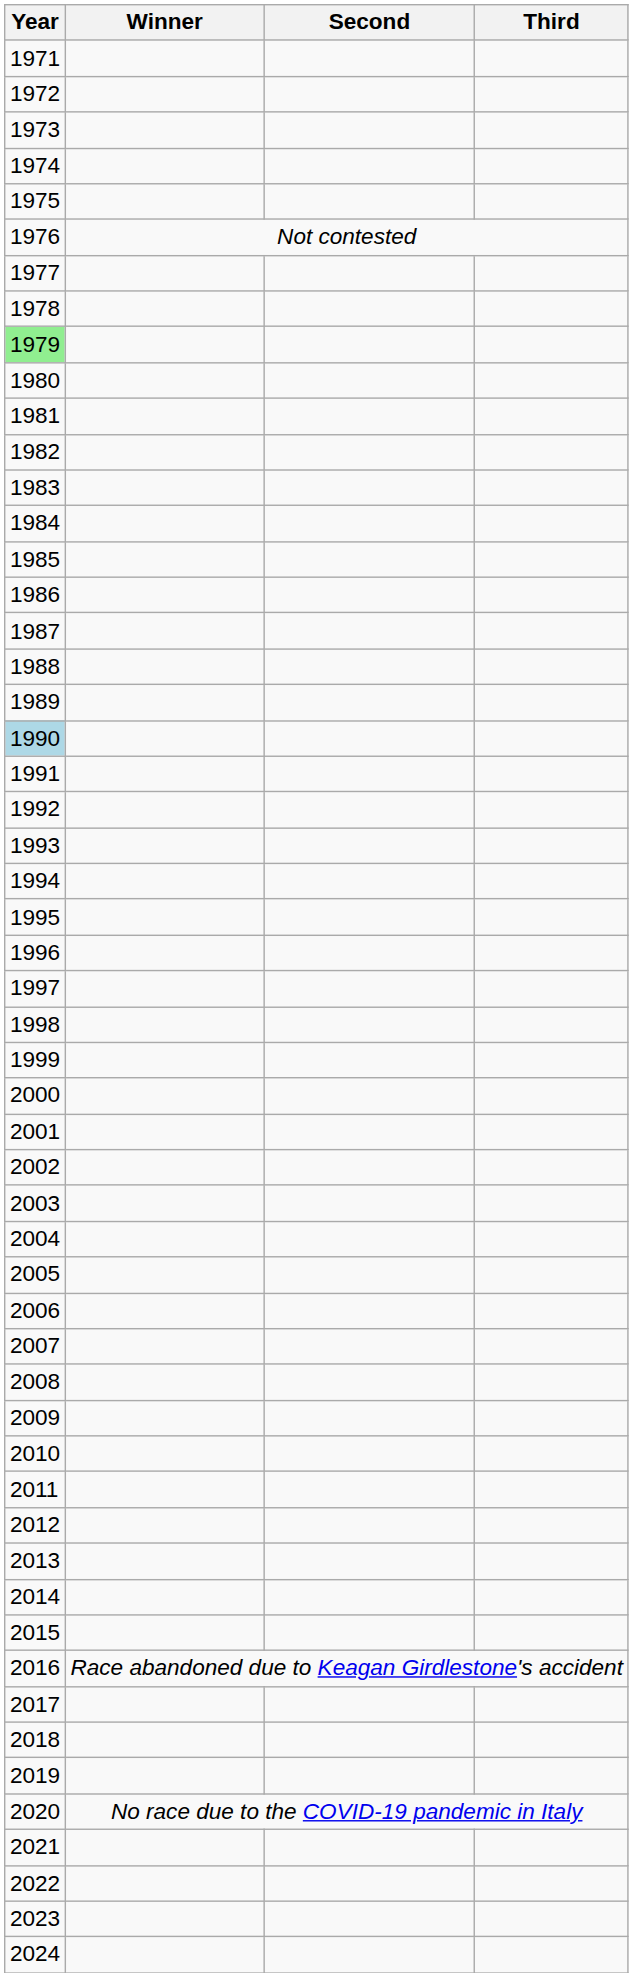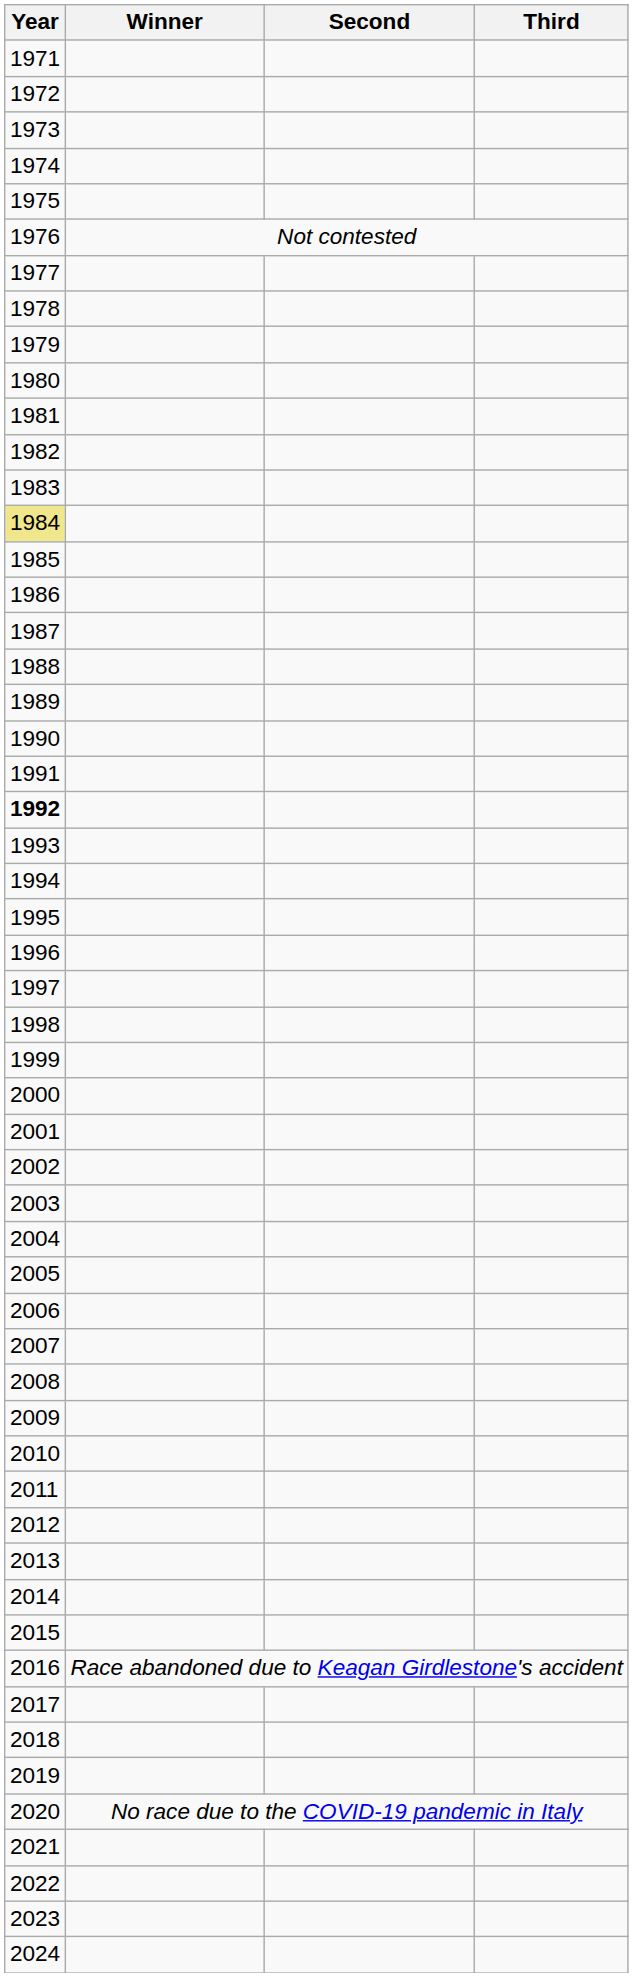 <table class="wikitable">
 <tr>
 <th>Year</th>
 <th>Winner</th>
 <th>Second</th>
 <th>Third</th>
 </tr>
 <tr>
 <td>1971</td>
 <td></td>
 <td></td>
 <td></td>
 </tr>
 <tr>
 <td>1972</td>
 <td></td>
 <td></td>
 <td></td>
 </tr>
 <tr>
 <td>1973</td>
 <td></td>
 <td></td>
 <td></td>
 </tr>
 <tr>
 <td>1974</td>
 <td></td>
 <td></td>
 <td></td>
 </tr>
 <tr>
 <td>1975</td>
 <td></td>
 <td></td>
 <td></td>
 </tr>
 <tr>
 <td>1976</td>
 <td colspan=3; align=center><em>Not contested</em></td>
 </tr>
 <tr>
 <td>1977</td>
 <td></td>
 <td></td>
 <td></td>
 </tr>
 <tr>
 <td>1978</td>
 <td></td>
 <td></td>
 <td></td>
 </tr>
 <tr>
-<td style="background: lightgreen;">1979</td>
+<td>1979</td>
 <td></td>
 <td></td>
 <td></td>
 </tr>
 <tr>
 <td>1980</td>
 <td></td>
 <td></td>
 <td></td>
 </tr>
 <tr>
 <td>1981</td>
 <td></td>
 <td></td>
 <td></td>
 </tr>
 <tr>
 <td>1982</td>
 <td></td>
 <td></td>
 <td></td>
 </tr>
 <tr>
 <td>1983</td>
 <td></td>
 <td></td>
 <td></td>
 </tr>
 <tr>
-<td>1984</td>
+<td style="background: khaki;">1984</td>
 <td></td>
 <td></td>
 <td></td>
 </tr>
 <tr>
 <td>1985</td>
 <td></td>
 <td></td>
 <td></td>
 </tr>
 <tr>
 <td>1986</td>
 <td></td>
 <td></td>
 <td></td>
 </tr>
 <tr>
 <td>1987</td>
 <td></td>
 <td></td>
 <td></td>
 </tr>
 <tr>
 <td>1988</td>
 <td></td>
 <td></td>
 <td></td>
 </tr>
 <tr>
 <td>1989</td>
 <td></td>
 <td></td>
 <td></td>
 </tr>
 <tr>
-<td style="background: lightblue;">1990</td>
+<td>1990</td>
 <td></td>
 <td></td>
 <td></td>
 </tr>
 <tr>
 <td>1991</td>
 <td></td>
 <td></td>
 <td></td>
 </tr>
 <tr>
-<td>1992</td>
+<td><strong>1992</strong></td>
 <td></td>
 <td></td>
 <td></td>
 </tr>
 <tr>
 <td>1993</td>
 <td></td>
 <td></td>
 <td></td>
 </tr>
 <tr>
 <td>1994</td>
 <td></td>
 <td></td>
 <td></td>
 </tr>
 <tr>
 <td>1995</td>
 <td></td>
 <td></td>
 <td></td>
 </tr>
 <tr>
 <td>1996</td>
 <td></td>
 <td></td>
 <td></td>
 </tr>
 <tr>
 <td>1997</td>
 <td></td>
 <td></td>
 <td></td>
 </tr>
 <tr>
 <td>1998</td>
 <td></td>
 <td></td>
 <td></td>
 </tr>
 <tr>
 <td>1999</td>
 <td></td>
 <td></td>
 <td></td>
 </tr>
 <tr>
 <td>2000</td>
 <td></td>
 <td></td>
 <td></td>
 </tr>
 <tr>
 <td>2001</td>
 <td></td>
 <td></td>
 <td></td>
 </tr>
 <tr>
 <td>2002</td>
 <td></td>
 <td></td>
 <td></td>
 </tr>
 <tr>
 <td>2003</td>
 <td></td>
 <td></td>
 <td></td>
 </tr>
 <tr>
 <td>2004</td>
 <td></td>
 <td></td>
 <td></td>
 </tr>
 <tr>
 <td>2005</td>
 <td></td>
 <td></td>
 <td></td>
 </tr>
 <tr>
 <td>2006</td>
 <td></td>
 <td></td>
 <td></td>
 </tr>
 <tr>
 <td>2007</td>
 <td></td>
 <td></td>
 <td></td>
 </tr>
 <tr>
 <td>2008</td>
 <td></td>
 <td></td>
 <td></td>
 </tr>
 <tr>
 <td>2009</td>
 <td></td>
 <td></td>
 <td></td>
 </tr>
 <tr>
 <td>2010</td>
 <td></td>
 <td></td>
 <td></td>
 </tr>
 <tr>
 <td>2011</td>
 <td></td>
 <td></td>
 <td></td>
 </tr>
 <tr>
 <td>2012</td>
 <td></td>
 <td></td>
 <td></td>
 </tr>
 <tr>
 <td>2013</td>
 <td></td>
 <td></td>
 <td></td>
 </tr>
 <tr>
 <td>2014</td>
 <td></td>
 <td></td>
 <td></td>
 </tr>
 <tr>
 <td>2015</td>
 <td></td>
 <td></td>
 <td></td>
 </tr>
 <tr>
 <td>2016</td>
 <td colspan=3; align=center><em>Race abandoned due to <a href='#'>Keagan Girdlestone</a>'s accident</em></td>
 </tr>
 <tr>
 <td>2017</td>
 <td></td>
 <td></td>
 <td></td>
 </tr>
 <tr>
 <td>2018</td>
 <td></td>
 <td></td>
 <td></td>
 </tr>
 <tr>
 <td>2019</td>
 <td></td>
 <td></td>
 <td></td>
 </tr>
 <tr>
 <td>2020</td>
 <td colspan=3 align=center><em>No race due to the <a href='#'>COVID-19 pandemic in Italy</a></em></td>
 </tr>
 <tr>
 <td>2021</td>
 <td></td>
 <td></td>
 <td></td>
 </tr>
 <tr>
 <td>2022</td>
 <td></td>
 <td></td>
 <td></td>
 </tr>
 <tr>
 <td>2023</td>
 <td></td>
 <td></td>
 <td></td>
 </tr>
 <tr>
 <td>2024</td>
 <td></td>
 <td></td>
 <td></td>
 </tr>
 </table>
